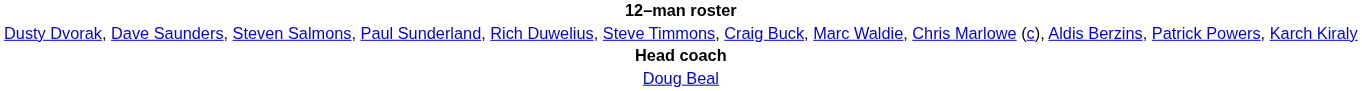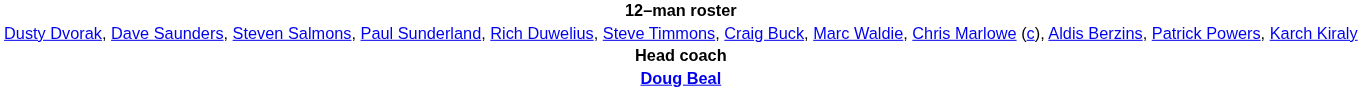 <table style="text-align:center; margin-top:2em; margin-left:auto; margin-right:auto">
 <tr>
 <td><strong>12–man roster</strong></td>
 </tr>
 <tr>
 <td><a href='#'>Dusty Dvorak</a>, <a href='#'>Dave Saunders</a>, <a href='#'>Steven Salmons</a>, <a href='#'>Paul Sunderland</a>, <a href='#'>Rich Duwelius</a>, <a href='#'>Steve Timmons</a>, <a href='#'>Craig Buck</a>, <a href='#'>Marc Waldie</a>, <a href='#'>Chris Marlowe</a> (<a href='#'>c</a>), <a href='#'>Aldis Berzins</a>, <a href='#'>Patrick Powers</a>, <a href='#'>Karch Kiraly</a></td>
 </tr>
 <tr>
 <td><strong>Head coach</strong></td>
 </tr>
 <tr>
-<td><a href='#'>Doug Beal</a></td>
+<td><strong><a href='#'>Doug Beal</a></strong></td>
 </tr>
 </table>
